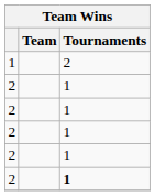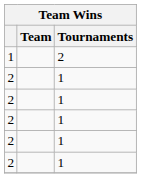 <table class="wikitable">
 <tr>
 <th colspan="3">Team Wins</th>
 </tr>
 <tr>
 <th></th>
 <th>Team</th>
 <th>Tournaments</th>
 </tr>
 <tr>
 <td>1</td>
 <td><br></td>
 <td>2</td>
 </tr>
 <tr>
 <td>2</td>
 <td><br></td>
 <td>1</td>
 </tr>
 <tr>
 <td>2</td>
 <td><br></td>
 <td>1</td>
 </tr>
 <tr>
 <td>2</td>
 <td><br></td>
 <td>1</td>
 </tr>
 <tr>
 <td>2</td>
 <td><br></td>
 <td>1</td>
 </tr>
 <tr>
 <td>2</td>
 <td><br></td>
-<td><strong>1</strong></td>
+<td>1</td>
 </tr>
 <tr>
 </tr>
 </table>
